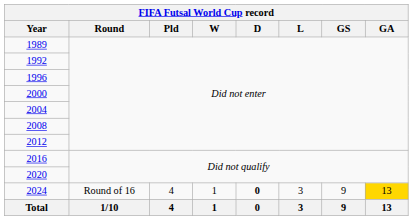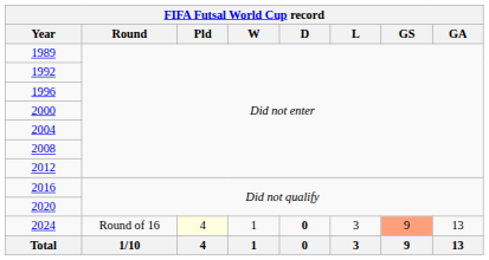 <table class="wikitable" width=50% style="text-align: center;font-size:100%;">
 <tr>
 <th colspan=9><a href='#'>FIFA Futsal World Cup</a> record</th>
 </tr>
 <tr>
 <th width=12%>Year</th>
 <th width=15%>Round</th>
 <th width=8%>Pld</th>
 <th width=8%>W</th>
 <th width=8%>D</th>
 <th width=8%>L</th>
 <th width=8%>GS</th>
 <th width=8%>GA</th>
 </tr>
 <tr>
 <td> <a href='#'>1989</a></td>
 <td colspan=9 rowspan=7><em>Did not enter</em></td>
 </tr>
 <tr bgcolor=>
 <td> <a href='#'>1992</a></td>
 </tr>
 <tr - bgcolor=>
 <td> <a href='#'>1996</a></td>
 </tr>
 <tr - bgcolor=>
 <td> <a href='#'>2000</a></td>
 </tr>
 <tr - bgcolor=>
 <td> <a href='#'>2004</a></td>
 </tr>
 <tr - bgcolor=>
 <td> <a href='#'>2008</a></td>
 </tr>
 <tr - bgcolor=>
 <td> <a href='#'>2012</a></td>
 </tr>
 <tr - bgcolor=>
 <td> <a href='#'>2016</a></td>
 <td colspan=9 rowspan=2><em>Did not qualify</em></td>
 </tr>
 <tr - bgcolor=>
 <td> <a href='#'>2020</a></td>
 </tr>
 <tr>
 <td> <a href='#'>2024</a></td>
 <td>Round of 16</td>
-<td>4</td>
+<td style="background: lightyellow;">4</td>
 <td>1</td>
 <td><strong>0</strong></td>
 <td>3</td>
-<td>9</td>
-<td style="background: gold;">13</td>
+<td style="background: lightsalmon;">9</td>
+<td>13</td>
 </tr>
 <tr>
 <th>Total</th>
 <th>1/10</th>
 <th>4</th>
 <th>1</th>
 <th>0</th>
 <th>3</th>
 <th>9</th>
 <th>13</th>
 </tr>
 </table>
